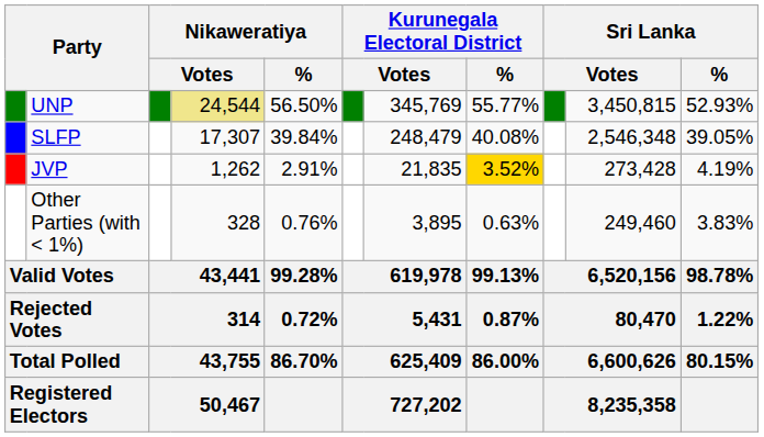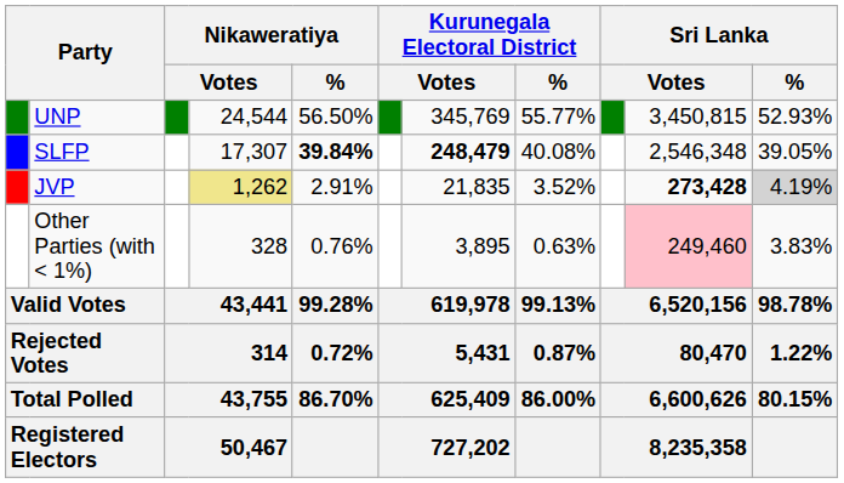 <table class="wikitable">
 <tr>
 <th colspan="2" width="144px"rowspan="2">Party</th>
 <th colspan="3" width="216px">Nikaweratiya</th>
 <th colspan="3" width="216px"><a href='#'>Kurunegala Electoral District</a></th>
 <th colspan="3" width="216px">Sri Lanka</th>
 </tr>
 <tr>
 <th colspan="2" width="144px">Votes</th>
 <th>%</th>
 <th colspan="2" width="144px">Votes</th>
 <th>%</th>
 <th colspan="2" width="144px">Votes</th>
 <th>%</th>
 </tr>
 <tr>
 <td style="background-color:green;" width="10px"></td>
 <td style="text-align:left;"><a href='#'>UNP</a></td>
 <td style="background-color:green;" width="10px"></td>
-<td style="background: khaki; text-align:right;">24,544</td>
+<td style="text-align:right;">24,544</td>
 <td style="text-align:right;">56.50%</td>
 <td style="background-color:green;" width="10px"></td>
 <td style="text-align:right;">345,769</td>
 <td style="text-align:right;">55.77%</td>
 <td style="background-color:green;" width="10px"></td>
 <td style="text-align:right;">3,450,815</td>
 <td style="text-align:right;">52.93%</td>
 </tr>
 <tr>
 <td style="background-color:blue;" width="10px"></td>
 <td style="text-align:left;"><a href='#'>SLFP</a></td>
 <td style="background-color:white;" width="10px"></td>
 <td style="text-align:right;">17,307</td>
-<td style="text-align:right;">39.84%</td>
+<td style="text-align:right;"><strong>39.84%</strong></td>
 <td style="background-color:white;" width="10px"></td>
-<td style="text-align:right;">248,479</td>
+<td style="text-align:right;"><strong>248,479</strong></td>
 <td style="text-align:right;">40.08%</td>
 <td style="background-color:white;" width="10px"></td>
 <td style="text-align:right;">2,546,348</td>
 <td style="text-align:right;">39.05%</td>
 </tr>
 <tr>
 <td style="background-color:red;" width="10px"></td>
 <td style="text-align:left;"><a href='#'>JVP</a></td>
 <td style="background-color:white;" width="10px"></td>
-<td style="text-align:right;">1,262</td>
+<td style="background: khaki; text-align:right;">1,262</td>
 <td style="text-align:right;">2.91%</td>
 <td style="background-color:white;" width="10px"></td>
 <td style="text-align:right;">21,835</td>
-<td style="background: gold; text-align:right;">3.52%</td>
+<td style="text-align:right;">3.52%</td>
 <td style="background-color:white;" width="10px"></td>
-<td style="text-align:right;">273,428</td>
-<td style="text-align:right;">4.19%</td>
+<td style="text-align:right;"><strong>273,428</strong></td>
+<td style="background: lightgrey; text-align:right;">4.19%</td>
 </tr>
 <tr>
 <td style="background-color:white;" width="10px"></td>
 <td style="text-align:left;">Other Parties (with < 1%)</td>
 <td style="background-color:white;" width="10px"></td>
 <td style="text-align:right;">328</td>
 <td style="text-align:right;">0.76%</td>
 <td style="background-color:white;" width="10px"></td>
 <td style="text-align:right;">3,895</td>
 <td style="text-align:right;">0.63%</td>
 <td style="background-color:white;" width="10px"></td>
-<td style="text-align:right;">249,460</td>
+<td style="background: pink; text-align:right;">249,460</td>
 <td style="text-align:right;">3.83%</td>
 </tr>
 <tr>
 <th colspan="2" width="144px"style="text-align:left;">Valid Votes</th>
 <th style="text-align:right;"colspan="2" width="144px">43,441</th>
 <th style="text-align:right;">99.28%</th>
 <th style="text-align:right;"colspan="2" width="144px">619,978</th>
 <th style="text-align:right;">99.13%</th>
 <th style="text-align:right;"colspan="2" width="144px">6,520,156</th>
 <th style="text-align:right;">98.78%</th>
 </tr>
 <tr>
 <th colspan="2" width="144px"style="text-align:left;">Rejected Votes</th>
 <th style="text-align:right;"colspan="2" width="144px">314</th>
 <th style="text-align:right;">0.72%</th>
 <th style="text-align:right;"colspan="2" width="144px">5,431</th>
 <th style="text-align:right;">0.87%</th>
 <th style="text-align:right;"colspan="2" width="144px">80,470</th>
 <th style="text-align:right;">1.22%</th>
 </tr>
 <tr>
 <th colspan="2" width="144px"style="text-align:left;">Total Polled</th>
 <th style="text-align:right;"colspan="2" width="144px">43,755</th>
 <th style="text-align:right;">86.70%</th>
 <th style="text-align:right;"colspan="2" width="144px">625,409</th>
 <th style="text-align:right;">86.00%</th>
 <th style="text-align:right;"colspan="2" width="144px">6,600,626</th>
 <th style="text-align:right;">80.15%</th>
 </tr>
 <tr>
 <th colspan="2" width="144px"style="text-align:left;">Registered Electors</th>
 <th style="text-align:right;"colspan="2" width="144px">50,467</th>
 <th></th>
 <th style="text-align:right;"colspan="2" width="144px">727,202</th>
 <th></th>
 <th style="text-align:right;"colspan="2" width="144px">8,235,358</th>
 <th></th>
 </tr>
 </table>
